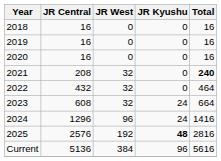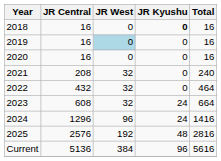 <table class="wikitable sortable" style="text-align:right;">
 <tr>
 <th>Year</th>
 <th> JR Central</th>
 <th> JR West</th>
 <th> JR Kyushu</th>
 <th>Total</th>
 </tr>
 <tr>
 <td align = left>2018</td>
 <td>16</td>
 <td>0</td>
-<td>0</td>
+<td><strong>0</strong></td>
 <td>16</td>
 </tr>
 <tr>
 <td align = left>2019</td>
 <td>16</td>
-<td>0</td>
+<td style="background: lightblue;">0</td>
 <td>0</td>
 <td>16</td>
 </tr>
 <tr>
 <td align = left>2020</td>
 <td>16</td>
 <td>0</td>
 <td>0</td>
 <td>16</td>
 </tr>
 <tr>
 <td align = left>2021</td>
 <td>208</td>
 <td>32</td>
 <td>0</td>
-<td><strong>240</strong></td>
+<td>240</td>
 </tr>
 <tr>
 <td align = left>2022</td>
 <td>432</td>
 <td>32</td>
 <td>0</td>
 <td>464</td>
 </tr>
 <tr>
 <td align = left>2023</td>
 <td>608</td>
 <td>32</td>
 <td>24</td>
 <td>664</td>
 </tr>
 <tr>
 <td align = left>2024</td>
 <td>1296</td>
 <td>96</td>
 <td>24</td>
 <td>1416</td>
 </tr>
 <tr>
 <td align = left>2025</td>
 <td>2576</td>
 <td>192</td>
-<td><strong>48</strong></td>
+<td>48</td>
 <td>2816</td>
 </tr>
 <tr>
 <td align = left>Current</td>
 <td>5136</td>
 <td>384</td>
 <td>96</td>
 <td>5616</td>
 </tr>
 <tr>
 </tr>
 </table>
